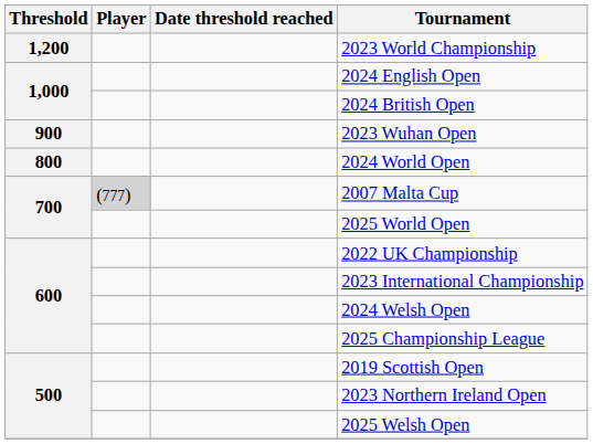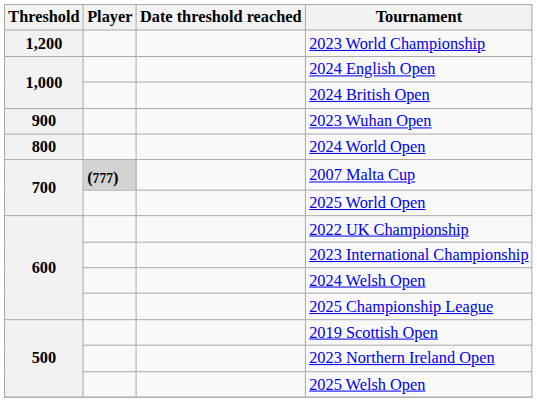 <table class="wikitable sortable">
 <tr>
 <th>Threshold</th>
 <th>Player</th>
 <th>Date threshold reached</th>
 <th>Tournament</th>
 </tr>
 <tr>
 <th rowspan=1>1,200</th>
 <td data-sort-value="O'Sullivan"></td>
 <td></td>
 <td><a href='#'>2023 World Championship</a></td>
 </tr>
 <tr>
 <th rowspan=2>1,000</th>
 <td data-sort-value="Higgins"></td>
 <td></td>
 <td><a href='#'>2024 English Open</a></td>
 </tr>
 <tr>
 <td data-sort-value="Trump"></td>
 <td></td>
 <td><a href='#'>2024 British Open</a></td>
 </tr>
 <tr>
 <th rowspan=1>900</th>
 <td data-sort-value="Robertson"></td>
 <td></td>
 <td><a href='#'>2023 Wuhan Open</a></td>
 </tr>
 <tr>
 <th>800</th>
 <td data-sort-value="Selby"></td>
 <td></td>
 <td><a href='#'>2024 World Open</a></td>
 </tr>
 <tr>
 <th rowspan=2>700</th>
-<td data-sort-value="Hendry" style="background:#d3d3d3;"> (<small>777</small><sup></sup>)</td>
+<td data-sort-value="Hendry" style="background:#d3d3d3;"><strong> (<small>777</small><sup></sup>)</strong></td>
 <td></td>
 <td><a href='#'>2007 Malta Cup</a></td>
 </tr>
 <tr>
 <td data-sort-value="Murphy"></td>
 <td></td>
 <td><a href='#'>2025 World Open</a></td>
 </tr>
 <tr>
 <th rowspan=4>600</th>
 <td data-sort-value="Ding"></td>
 <td></td>
 <td><a href='#'>2022 UK Championship</a></td>
 </tr>
 <tr>
 <td data-sort-value="Williams"></td>
 <td></td>
 <td><a href='#'>2023 International Championship</a></td>
 </tr>
 <tr>
 <td data-sort-value="Allen"></td>
 <td></td>
 <td><a href='#'>2024 Welsh Open</a></td>
 </tr>
 <tr>
 <td data-sort-value="Bingham"></td>
 <td></td>
 <td><a href='#'>2025 Championship League</a></td>
 </tr>
 <tr>
 <th rowspan=3>500</th>
 <td data-sort-value="Fu"></td>
 <td></td>
 <td><a href='#'>2019 Scottish Open</a></td>
 </tr>
 <tr>
 <td data-sort-value="Maguire"></td>
 <td></td>
 <td><a href='#'>2023 Northern Ireland Open</a></td>
 </tr>
 <tr>
 <td data-sort-value="Wilson"></td>
 <td></td>
 <td><a href='#'>2025 Welsh Open</a></td>
 </tr>
 <tr>
 </tr>
 </table>
